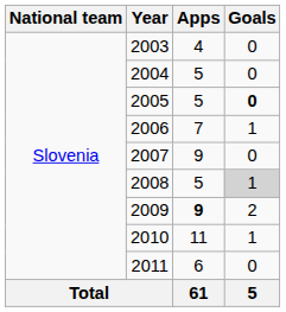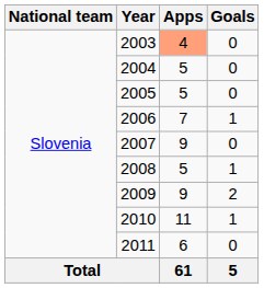 <table class="wikitable" style="text-align:center">
 <tr>
 <th>National team</th>
 <th>Year</th>
 <th>Apps</th>
 <th>Goals</th>
 </tr>
 <tr>
 <td rowspan="9"><a href='#'>Slovenia</a></td>
 <td>2003</td>
-<td>4</td>
+<td style="background: lightsalmon;">4</td>
 <td>0</td>
 </tr>
 <tr>
 <td>2004</td>
 <td>5</td>
 <td>0</td>
 </tr>
 <tr>
 <td>2005</td>
 <td>5</td>
-<td><strong>0</strong></td>
+<td>0</td>
 </tr>
 <tr>
 <td>2006</td>
 <td>7</td>
 <td>1</td>
 </tr>
 <tr>
 <td>2007</td>
 <td>9</td>
 <td>0</td>
 </tr>
 <tr>
 <td>2008</td>
 <td>5</td>
-<td style="background: lightgrey;">1</td>
+<td>1</td>
 </tr>
 <tr>
 <td>2009</td>
-<td><strong>9</strong></td>
+<td>9</td>
 <td>2</td>
 </tr>
 <tr>
 <td>2010</td>
 <td>11</td>
 <td>1</td>
 </tr>
 <tr>
 <td>2011</td>
 <td>6</td>
 <td>0</td>
 </tr>
 <tr>
 <th colspan="2">Total</th>
 <th>61</th>
 <th>5</th>
 </tr>
 </table>
